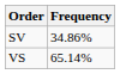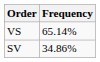 <table class="wikitable" style="display: inline-table; margin-top: 0;">
 <tr>
 <th>Order</th>
 <th>Frequency</th>
 </tr>
 <tr>
+<td>VS</td>
+<td>65.14%</td>
+</tr>
+<tr>
 <td>SV</td>
 <td>34.86%</td>
 </tr>
-<tr>
-<td>VS</td>
-<td>65.14%</td>
-</tr>
 </table>
